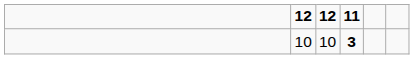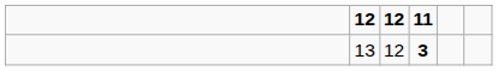 <table class="wikitable">
 <tr>
 <td style="width:18em"></td>
 <td align=center style="width:1em"><strong>12</strong></td>
 <td align=center style="width:1em"><strong>12</strong></td>
 <td align=center style="width:1em"><strong>11</strong></td>
 <td align=center style="width:1em"></td>
 <td align=center style="width:1em"></td>
 </tr>
 <tr>
 <td style="width:18em"></td>
-<td align=center style="width:1em">10</td>
-<td align=center style="width:1em">10</td>
+<td align=center style="width:1em">13</td>
+<td align=center style="width:1em">12</td>
 <td align=center style="width:1em"><strong>3</strong></td>
 <td align=center style="width:1em"></td>
 <td align=center style="width:1em"></td>
 </tr>
 </table>
